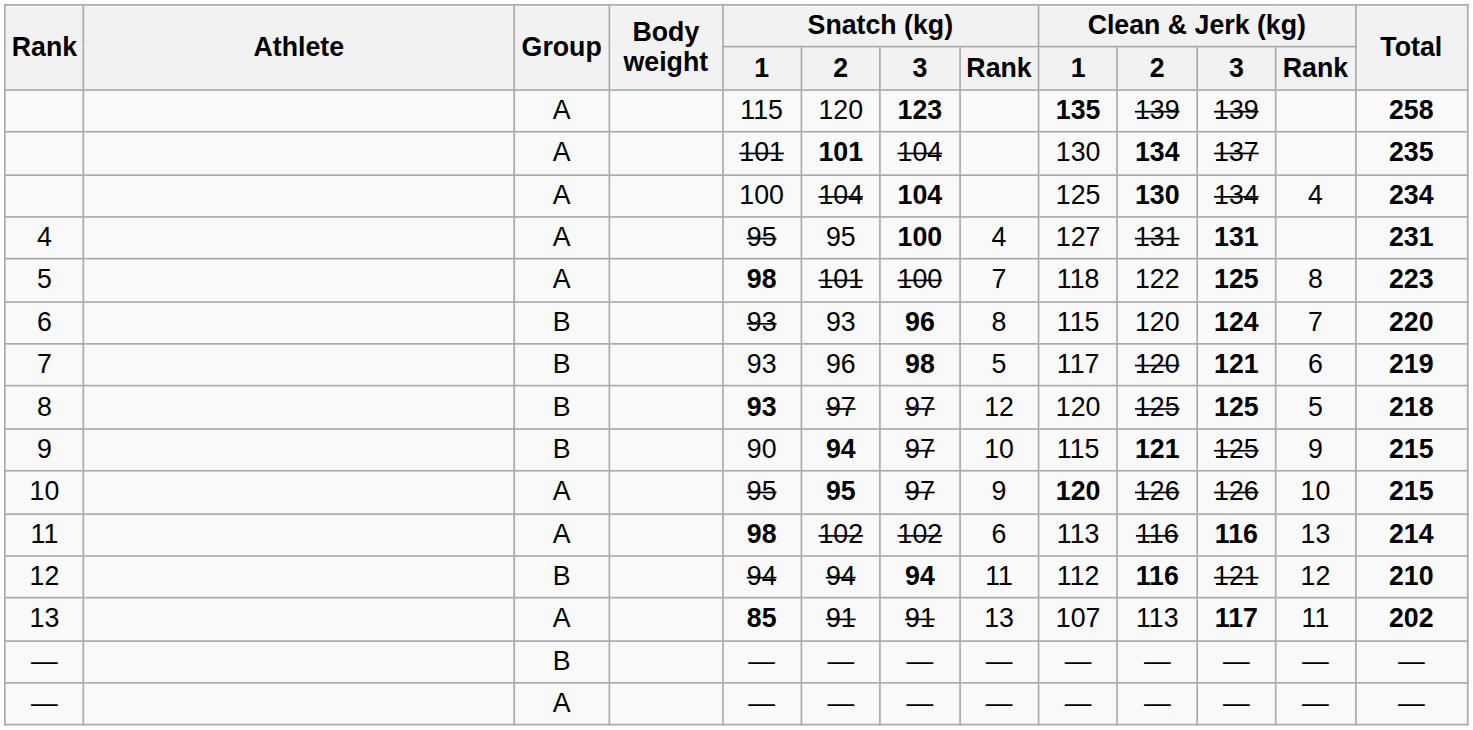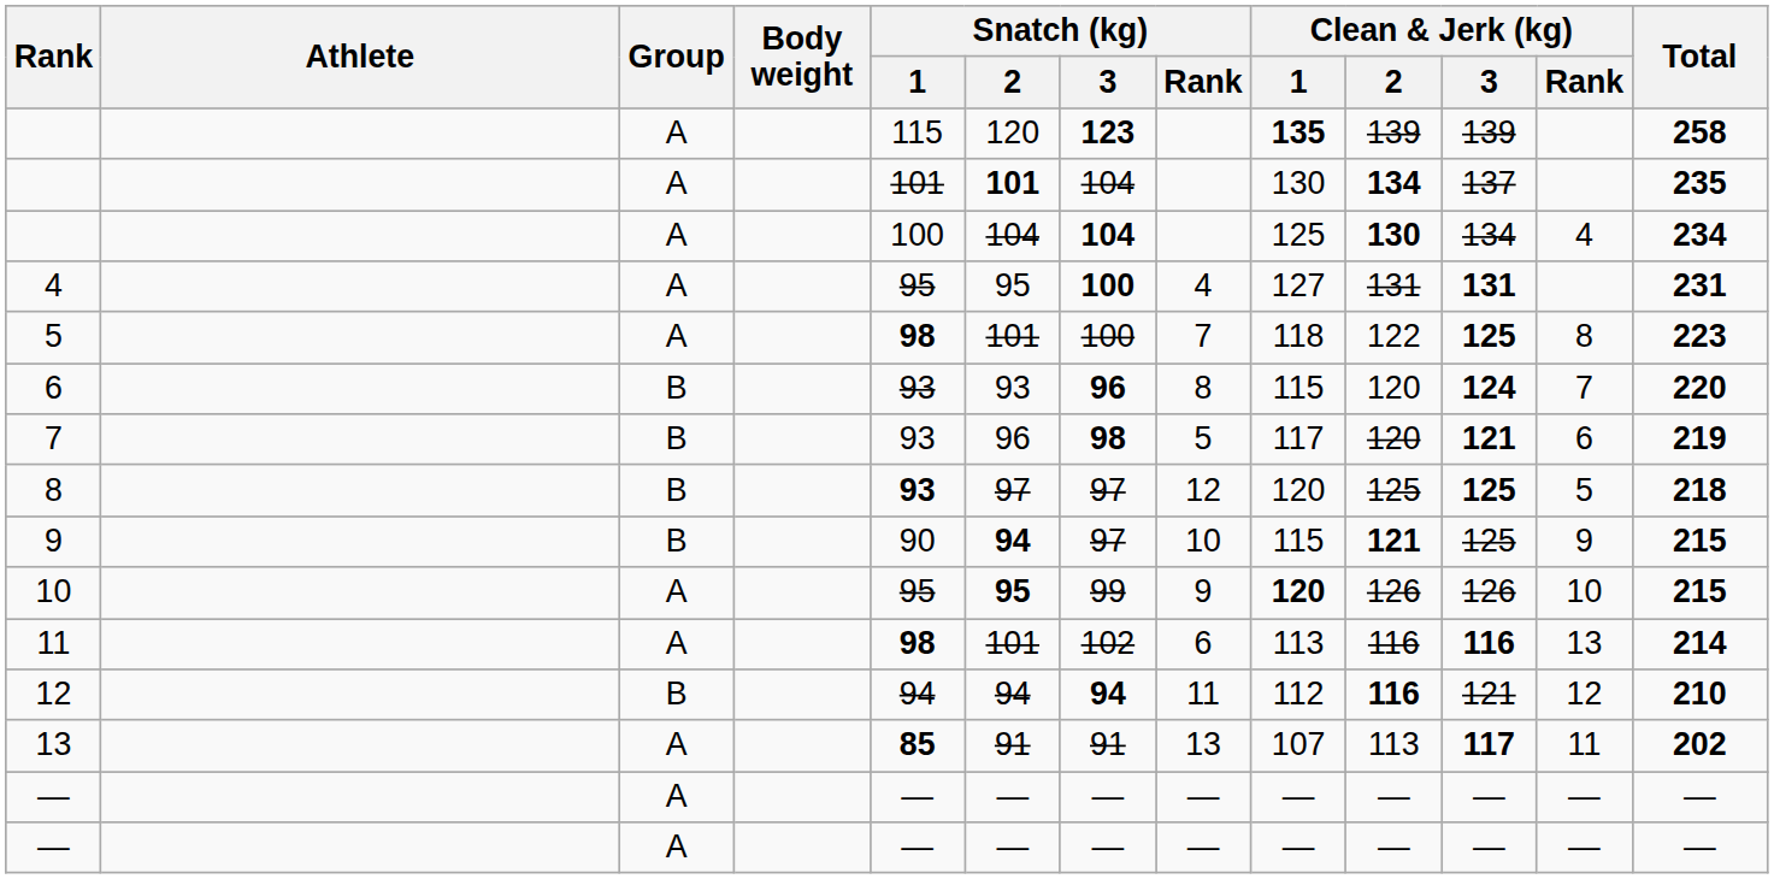 <table class = "wikitable" style="text-align:center;">
 <tr>
 <th rowspan=2 width=40>Rank</th>
 <th rowspan=2 width=250>Athlete</th>
 <th rowspan=2 width=50>Group</th>
 <th rowspan=2 width=60>Body weight</th>
 <th colspan=4>Snatch (kg)</th>
 <th colspan=4>Clean & Jerk (kg)</th>
 <th rowspan=2 width=60>Total</th>
 </tr>
 <tr>
 <th width=40>1</th>
 <th width=40>2</th>
 <th width=40>3</th>
 <th width=40>Rank</th>
 <th width=40>1</th>
 <th width=40>2</th>
 <th width=40>3</th>
 <th width=40>Rank</th>
 </tr>
 <tr>
 <td></td>
 <td align=left></td>
 <td>A</td>
 <td></td>
 <td>115</td>
 <td>120</td>
 <td><strong>123</strong></td>
 <td></td>
 <td><strong>135</strong></td>
 <td><s>139</s></td>
 <td><s>139</s></td>
 <td></td>
 <td><strong>258</strong></td>
 </tr>
 <tr>
 <td></td>
 <td align=left></td>
 <td>A</td>
 <td></td>
 <td><s>101</s></td>
 <td><strong>101</strong></td>
 <td><s>104</s></td>
 <td></td>
 <td>130</td>
 <td><strong>134</strong></td>
 <td><s>137</s></td>
 <td></td>
 <td><strong>235</strong></td>
 </tr>
 <tr>
 <td></td>
 <td align=left></td>
 <td>A</td>
 <td></td>
 <td>100</td>
 <td><s>104</s></td>
 <td><strong>104</strong></td>
 <td></td>
 <td>125</td>
 <td><strong>130</strong></td>
 <td><s>134</s></td>
 <td>4</td>
 <td><strong>234</strong></td>
 </tr>
 <tr>
 <td>4</td>
 <td align=left></td>
 <td>A</td>
 <td></td>
 <td><s>95</s></td>
 <td>95</td>
 <td><strong>100</strong></td>
 <td>4</td>
 <td>127</td>
 <td><s>131</s></td>
 <td><strong>131</strong></td>
 <td></td>
 <td><strong>231</strong></td>
 </tr>
 <tr>
 <td>5</td>
 <td align=left></td>
 <td>A</td>
 <td></td>
 <td><strong>98</strong></td>
 <td><s>101</s></td>
 <td><s>100</s></td>
 <td>7</td>
 <td>118</td>
 <td>122</td>
 <td><strong>125</strong></td>
 <td>8</td>
 <td><strong>223</strong></td>
 </tr>
 <tr>
 <td>6</td>
 <td align=left></td>
 <td>B</td>
 <td></td>
 <td><s>93</s></td>
 <td>93</td>
 <td><strong>96</strong></td>
 <td>8</td>
 <td>115</td>
 <td>120</td>
 <td><strong>124</strong></td>
 <td>7</td>
 <td><strong>220</strong></td>
 </tr>
 <tr>
 <td>7</td>
 <td align=left></td>
 <td>B</td>
 <td></td>
 <td>93</td>
 <td>96</td>
 <td><strong>98</strong></td>
 <td>5</td>
 <td>117</td>
 <td><s>120</s></td>
 <td><strong>121</strong></td>
 <td>6</td>
 <td><strong>219</strong></td>
 </tr>
 <tr>
 <td>8</td>
 <td align=left></td>
 <td>B</td>
 <td></td>
 <td><strong>93</strong></td>
 <td><s>97</s></td>
 <td><s>97</s></td>
 <td>12</td>
 <td>120</td>
 <td><s>125</s></td>
 <td><strong>125</strong></td>
 <td>5</td>
 <td><strong>218</strong></td>
 </tr>
 <tr>
 <td>9</td>
 <td align=left></td>
 <td>B</td>
 <td></td>
 <td>90</td>
 <td><strong>94</strong></td>
 <td><s>97</s></td>
 <td>10</td>
 <td>115</td>
 <td><strong>121</strong></td>
 <td><s>125</s></td>
 <td>9</td>
 <td><strong>215</strong></td>
 </tr>
 <tr>
 <td>10</td>
 <td align=left></td>
 <td>A</td>
 <td></td>
 <td><s>95</s></td>
 <td><strong>95</strong></td>
-<td><s>97</s></td>
+<td><s>99</s></td>
 <td>9</td>
 <td><strong>120</strong></td>
 <td><s>126</s></td>
 <td><s>126</s></td>
 <td>10</td>
 <td><strong>215</strong></td>
 </tr>
 <tr>
 <td>11</td>
 <td align=left></td>
 <td>A</td>
 <td></td>
 <td><strong>98</strong></td>
-<td><s>102</s></td>
+<td><s>101</s></td>
 <td><s>102</s></td>
 <td>6</td>
 <td>113</td>
 <td><s>116</s></td>
 <td><strong>116</strong></td>
 <td>13</td>
 <td><strong>214</strong></td>
 </tr>
 <tr>
 <td>12</td>
 <td align=left></td>
 <td>B</td>
 <td></td>
 <td><s>94</s></td>
 <td><s>94</s></td>
 <td><strong>94</strong></td>
 <td>11</td>
 <td>112</td>
 <td><strong>116</strong></td>
 <td><s>121</s></td>
 <td>12</td>
 <td><strong>210</strong></td>
 </tr>
 <tr>
 <td>13</td>
 <td align=left></td>
 <td>A</td>
 <td></td>
 <td><strong>85</strong></td>
 <td><s>91</s></td>
 <td><s>91</s></td>
 <td>13</td>
 <td>107</td>
 <td>113</td>
 <td><strong>117</strong></td>
 <td>11</td>
 <td><strong>202</strong></td>
 </tr>
 <tr>
 <td>—</td>
 <td align=left></td>
-<td>B</td>
+<td>A</td>
 <td></td>
 <td>—</td>
 <td>—</td>
 <td>—</td>
 <td>—</td>
 <td>—</td>
 <td>—</td>
 <td>—</td>
 <td>—</td>
 <td>—</td>
 </tr>
 <tr>
 <td>—</td>
 <td align=left></td>
 <td>A</td>
 <td></td>
 <td>—</td>
 <td>—</td>
 <td>—</td>
 <td>—</td>
 <td>—</td>
 <td>—</td>
 <td>—</td>
 <td>—</td>
 <td>—</td>
 </tr>
 </table>
